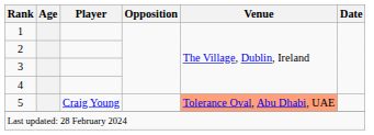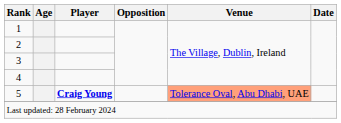 <table class="wikitable plainrowheaders sortable">
 <tr>
 <th scope=col>Rank</th>
 <th scope=col>Age</th>
 <th scope=col>Player</th>
 <th scope=col>Opposition</th>
 <th scope=col>Venue</th>
 <th scope=col>Date</th>
 </tr>
 <tr>
 <td align=center>1</td>
 <th scope=row style=text-align:center;></th>
 <td></td>
 <td rowspan=4></td>
 <td rowspan=4><a href='#'>The Village</a>, <a href='#'>Dublin</a>, Ireland</td>
 <td rowspan=4></td>
 </tr>
 <tr>
 <td align=center>2</td>
 <th scope=row style=text-align:center;></th>
 <td></td>
 </tr>
 <tr>
 <td align=center>3</td>
 <th scope=row style=text-align:center;></th>
 <td></td>
 </tr>
 <tr>
 <td align=center>4</td>
 <th scope=row style=text-align:center;></th>
 <td></td>
 </tr>
 <tr>
 <td align=center>5</td>
 <th scope=row style=text-align:center;></th>
-<td><a href='#'>Craig Young</a></td>
+<td><strong><a href='#'>Craig Young</a></strong></td>
 <td></td>
 <td style="background: lightsalmon;"><a href='#'>Tolerance Oval</a>, <a href='#'>Abu Dhabi</a>, UAE</td>
 <td></td>
 </tr>
 <tr>
 </tr>
 <tr class=sortbottom>
 <td colspan=7><small>Last updated: 28 February 2024</small></td>
 </tr>
 </table>
